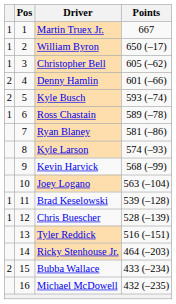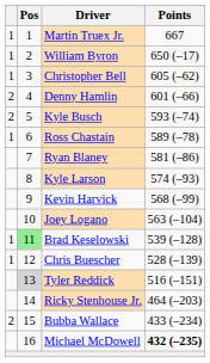 <table class="wikitable" style="font-size: 95%;">
 <tr>
 <th></th>
 <th>Pos</th>
 <th>Driver</th>
 <th>Points</th>
 </tr>
 <tr>
 <td align="left"> 1</td>
 <td style="text-align:center;">1</td>
 <td style="background:#FFDEAD;"><a href='#'>Martin Truex Jr.</a></td>
 <td style="text-align:center;">667</td>
 </tr>
 <tr>
 <td align="left"> 1</td>
 <td style="text-align:center;">2</td>
 <td style="background:#FFDEAD;"><a href='#'>William Byron</a></td>
 <td style="text-align:center;">650 (–17)</td>
 </tr>
 <tr>
 <td align="left"> 1</td>
 <td style="text-align:center;">3</td>
 <td style="background:#FFDEAD;"><a href='#'>Christopher Bell</a></td>
 <td style="text-align:center;">605 (–62)</td>
 </tr>
 <tr>
 <td align="left"> 2</td>
 <td style="text-align:center;">4</td>
 <td style="background:#FFDEAD;"><a href='#'>Denny Hamlin</a></td>
 <td style="text-align:center;">601 (–66)</td>
 </tr>
 <tr>
 <td align="left"> 2</td>
 <td style="text-align:center;">5</td>
 <td style="background:#FFDEAD;"><a href='#'>Kyle Busch</a></td>
 <td style="text-align:center;">593 (–74)</td>
 </tr>
 <tr>
 <td align="left"> 1</td>
 <td style="text-align:center;">6</td>
 <td style="background:#FFDEAD;"><a href='#'>Ross Chastain</a></td>
 <td style="text-align:center;">589 (–78)</td>
 </tr>
 <tr>
 <td align="left"></td>
 <td style="text-align:center;">7</td>
 <td style="background:#FFDEAD;"><a href='#'>Ryan Blaney</a></td>
 <td style="text-align:center;">581 (–86)</td>
 </tr>
 <tr>
 <td align="left"></td>
 <td style="text-align:center;">8</td>
 <td style="background:#FFDEAD;"><a href='#'>Kyle Larson</a></td>
 <td style="text-align:center;">574 (–93)</td>
 </tr>
 <tr>
 <td align="left"></td>
 <td style="text-align:center;">9</td>
 <td><a href='#'>Kevin Harvick</a></td>
 <td style="text-align:center;">568 (–99)</td>
 </tr>
 <tr>
 <td align="left"></td>
 <td style="text-align:center;">10</td>
 <td style="background:#FFDEAD;"><a href='#'>Joey Logano</a></td>
 <td style="text-align:center;">563 (–104)</td>
 </tr>
 <tr>
 <td align="left"> 1</td>
-<td style="text-align:center;">11</td>
+<td style="background: lightgreen; text-align:center;">11</td>
 <td><a href='#'>Brad Keselowski</a></td>
 <td style="text-align:center;">539 (–128)</td>
 </tr>
 <tr>
 <td align="left"> 1</td>
 <td style="text-align:center;">12</td>
 <td><a href='#'>Chris Buescher</a></td>
 <td style="text-align:center;">528 (–139)</td>
 </tr>
 <tr>
 <td align="left"></td>
-<td style="text-align:center;">13</td>
+<td style="background: lightgrey; text-align:center;">13</td>
 <td style="background:#FFDEAD;"><a href='#'>Tyler Reddick</a></td>
 <td style="text-align:center;">516 (–151)</td>
 </tr>
 <tr>
 <td align="left"></td>
 <td style="text-align:center;">14</td>
 <td style="background:#FFDEAD;"><a href='#'>Ricky Stenhouse Jr.</a></td>
 <td style="text-align:center;">464 (–203)</td>
 </tr>
 <tr>
 <td align="left"> 2</td>
 <td style="text-align:center;">15</td>
 <td><a href='#'>Bubba Wallace</a></td>
 <td style="text-align:center;">433 (–234)</td>
 </tr>
 <tr>
 <td align="left"></td>
 <td style="text-align:center;">16</td>
 <td><a href='#'>Michael McDowell</a></td>
-<td style="text-align:center;">432 (–235)</td>
+<td style="text-align:center;"><strong>432 (–235)</strong></td>
 </tr>
 <tr class="sortbottom">
 <th colspan="9"></th>
 </tr>
 </table>
